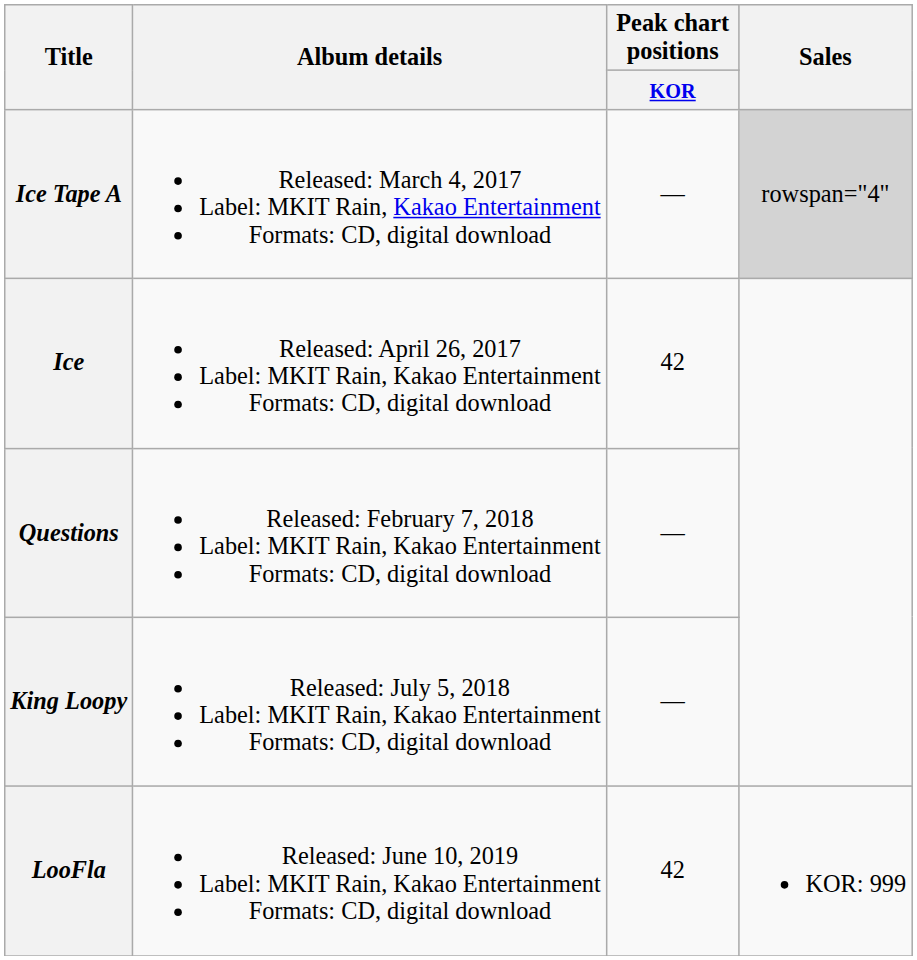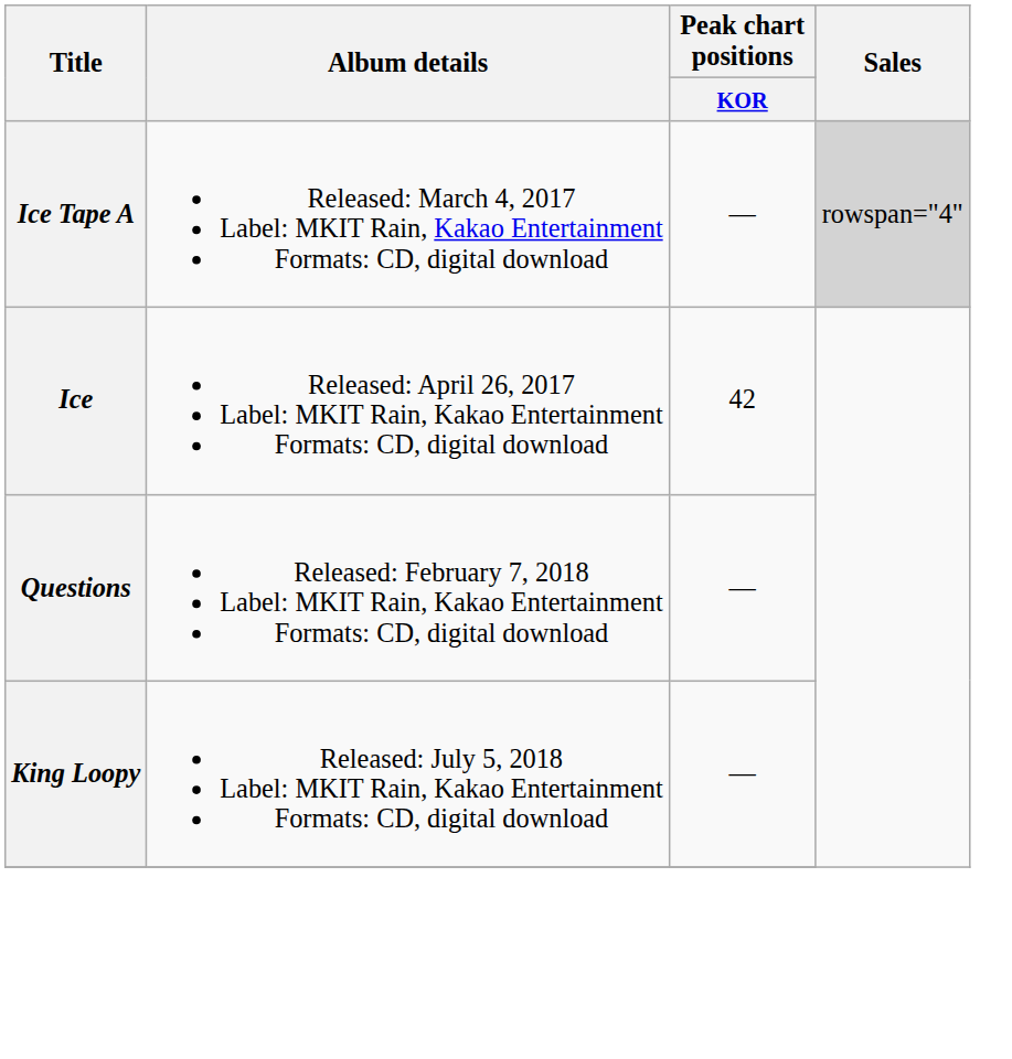 <table class="wikitable plainrowheaders" style="text-align:center;">
 <tr>
 <th scope="col" rowspan="2">Title</th>
 <th scope="col" rowspan="2">Album details</th>
 <th scope="col" colspan="1" style="width:5em;">Peak chart positions</th>
 <th scope="col" rowspan="2">Sales</th>
 </tr>
 <tr>
 <th><small><a href='#'>KOR</a></small><br></th>
 </tr>
 <tr>
 <th scope="row"><em>Ice Tape A</em></th>
 <td><br><ul><li>Released: March 4, 2017</li><li>Label: MKIT Rain, <a href='#'>Kakao Entertainment</a></li><li>Formats: CD, digital download</li></ul></td>
 <td>—</td>
 <td style="background: lightgrey;">rowspan="4" </td>
 </tr>
 <tr>
 <th scope="row"><em>Ice</em></th>
 <td><br><ul><li>Released: April 26, 2017</li><li>Label: MKIT Rain, Kakao Entertainment</li><li>Formats: CD, digital download</li></ul></td>
 <td>42</td>
 </tr>
 <tr>
 <th scope="row"><em>Questions</em></th>
 <td><br><ul><li>Released: February 7, 2018</li><li>Label: MKIT Rain, Kakao Entertainment</li><li>Formats: CD, digital download</li></ul></td>
 <td>—</td>
 </tr>
 <tr>
 <th scope="row"><em>King Loopy</em></th>
 <td><br><ul><li>Released: July 5, 2018</li><li>Label: MKIT Rain, Kakao Entertainment</li><li>Formats: CD, digital download</li></ul></td>
 <td>—</td>
 </tr>
 <tr>
-<th scope="row"><em>LooFla</em><br></th>
-<td><br><ul><li>Released:  June 10, 2019</li><li>Label: MKIT Rain, Kakao Entertainment</li><li>Formats: CD, digital download</li></ul></td>
-<td>42</td>
-<td><br><ul><li>KOR: 999</li></ul></td>
-</tr>
-<tr>
 </tr>
 </table>
